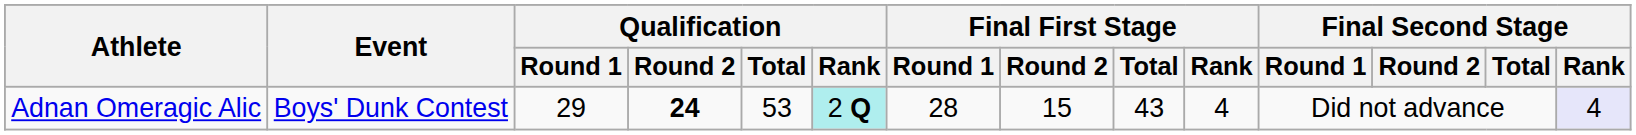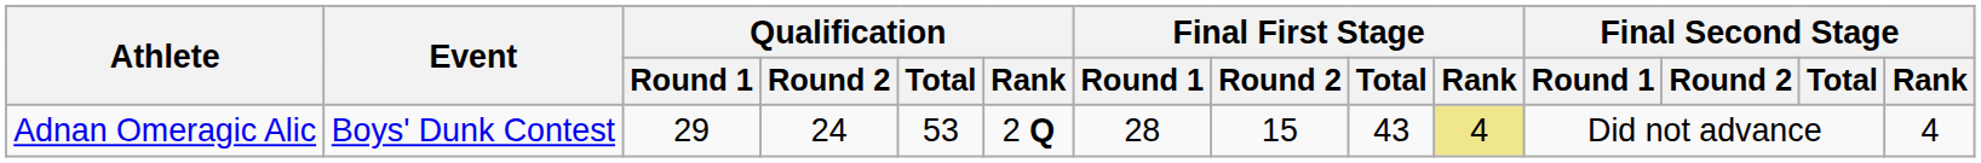 <table class="wikitable" style="font-size:90%;">
 <tr>
 <th rowspan=2>Athlete</th>
 <th rowspan=2>Event</th>
 <th colspan=4>Qualification</th>
 <th colspan=4>Final First Stage</th>
 <th colspan=4>Final Second Stage</th>
 </tr>
 <tr style="font-size:95%">
 <th>Round 1</th>
 <th>Round 2</th>
 <th>Total</th>
 <th>Rank</th>
 <th>Round 1</th>
 <th>Round 2</th>
 <th>Total</th>
 <th>Rank</th>
 <th>Round 1</th>
 <th>Round 2</th>
 <th>Total</th>
 <th>Rank</th>
 </tr>
 <tr align=center>
 <td align=left><a href='#'>Adnan Omeragic Alic</a></td>
 <td align=left><a href='#'>Boys' Dunk Contest</a></td>
 <td>29</td>
-<td><strong>24</strong></td>
+<td>24</td>
 <td>53</td>
-<td style="background: paleturquoise;">2 <strong>Q</strong></td>
+<td>2 <strong>Q</strong></td>
 <td>28</td>
 <td>15</td>
 <td>43</td>
+<td style="background: khaki;">4</td>
+<td colspan=3>Did not advance</td>
 <td>4</td>
-<td colspan=3>Did not advance</td>
-<td style="background: lavender;">4</td>
 </tr>
 </table>
